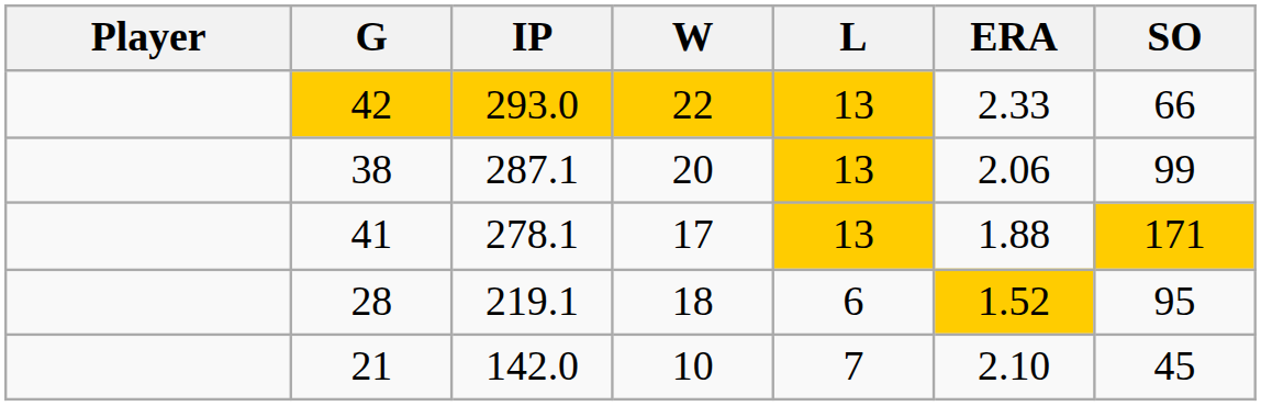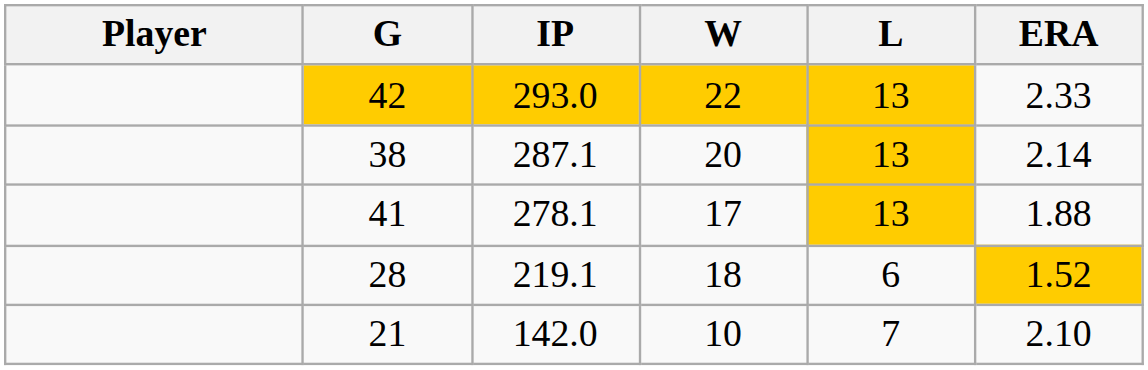 <table class="wikitable sortable">
 <tr>
 <th bgcolor="#DDDDFF" width="16%">Player</th>
 <th bgcolor="#DDDDFF" width="9%">G</th>
 <th bgcolor="#DDDDFF" width="9%">IP</th>
 <th bgcolor="#DDDDFF" width="9%">W</th>
 <th bgcolor="#DDDDFF" width="9%">L</th>
 <th bgcolor="#DDDDFF" width="9%">ERA</th>
-<th bgcolor="#DDDDFF" width="9%">SO</th>
 </tr>
 <tr align="center">
 <td></td>
 <td bgcolor="#FFCC00">42</td>
 <td bgcolor="#FFCC00">293.0</td>
 <td bgcolor="#FFCC00">22</td>
 <td bgcolor="#FFCC00">13</td>
 <td>2.33</td>
-<td>66</td>
 </tr>
 <tr align="center">
 <td></td>
 <td>38</td>
 <td>287.1</td>
 <td>20</td>
 <td bgcolor="#FFCC00">13</td>
-<td>2.06</td>
-<td>99</td>
+<td>2.14</td>
 </tr>
 <tr align="center">
 <td></td>
 <td>41</td>
 <td>278.1</td>
 <td>17</td>
 <td bgcolor="#FFCC00">13</td>
 <td>1.88</td>
-<td bgcolor="#FFCC00">171</td>
 </tr>
 <tr align="center">
 <td></td>
 <td>28</td>
 <td>219.1</td>
 <td>18</td>
 <td>6</td>
 <td bgcolor="#FFCC00">1.52</td>
-<td>95</td>
 </tr>
 <tr align="center">
 <td></td>
 <td>21</td>
 <td>142.0</td>
 <td>10</td>
 <td>7</td>
 <td>2.10</td>
-<td>45</td>
 </tr>
 </table>
